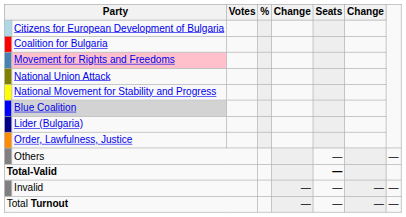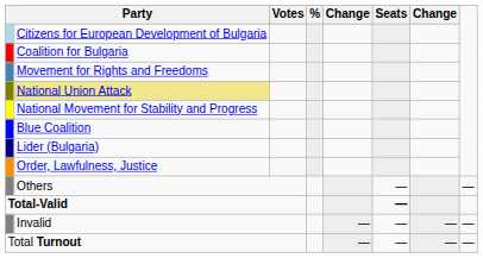 <table class="wikitable" border="1">
 <tr style="background-color:#C9C9C9">
 <th colspan="2" align="left" valign="top">Party</th>
 <th align-right>Votes</th>
 <th align="right">%</th>
 <th align="right">Change</th>
 <th align="right">Seats</th>
 <th align="right">Change</th>
 </tr>
 <tr>
 <td bgcolor="lightblue"> </td>
 <td align="left"><a href='#'>Citizens for European Development of Bulgaria</a></td>
 <td align="right"></td>
 <td align="right" style="background-color:#EEEEEE"></td>
 <td align="right"></td>
 <td align="right" style="background-color:#EEEEEE"></td>
 <td align="right"></td>
 </tr>
 <tr>
 <td bgcolor="red"> </td>
 <td align="left"><a href='#'>Coalition for Bulgaria</a></td>
 <td align="right"></td>
 <td align="right" style="background-color:#EEEEEE"></td>
 <td align="right"></td>
 <td align="right" style="background-color:#EEEEEE"></td>
 <td align="right"></td>
 </tr>
 <tr>
 <td bgcolor="#4682B4"> </td>
-<td align="left" style="background: pink;"><a href='#'>Movement for Rights and Freedoms</a></td>
+<td align="left"><a href='#'>Movement for Rights and Freedoms</a></td>
 <td align="right"></td>
 <td align="right" style="background-color:#EEEEEE"></td>
 <td align="right"></td>
 <td align="right" style="background-color:#EEEEEE"></td>
 <td align="right"></td>
 </tr>
 <tr>
 <td bgcolor="#808000"> </td>
-<td align="left"><a href='#'>National Union Attack</a></td>
+<td align="left" style="background: khaki;"><a href='#'>National Union Attack</a></td>
 <td align="right"></td>
 <td align="right" style="background-color:#EEEEEE"></td>
 <td align="right"></td>
 <td align="right" style="background-color:#EEEEEE"></td>
 <td align="right"></td>
 </tr>
 <tr>
 <td bgcolor="yellow"> </td>
 <td align="left"><a href='#'>National Movement for Stability and Progress</a></td>
 <td align="right"></td>
 <td align="right" style="background-color:#EEEEEE"></td>
 <td align="right"></td>
 <td align="right" style="background-color:#EEEEEE"></td>
 <td align="right"></td>
 </tr>
 <tr>
 <td bgcolor="blue"> </td>
-<td align="left" style="background: lightgrey;"><a href='#'>Blue Coalition</a></td>
+<td align="left"><a href='#'>Blue Coalition</a></td>
 <td align="right"></td>
 <td align="right" style="background-color:#EEEEEE"></td>
 <td align="right"></td>
 <td align="right" style="background-color:#EEEEEE"></td>
 <td align="right"></td>
 </tr>
 <tr>
 <td bgcolor="darkblue"> </td>
 <td align="left"><a href='#'>Lider (Bulgaria)</a></td>
 <td align="right"></td>
 <td align="right" style="background-color:#EEEEEE"></td>
 <td align="right"></td>
 <td align="right" style="background-color:#EEEEEE"></td>
 <td align="right"></td>
 </tr>
 <tr>
 <td bgcolor="darkorange"> </td>
 <td align="left"><a href='#'>Order, Lawfulness, Justice</a></td>
 <td align="right"></td>
 <td align="right" style="background-color:#EEEEEE"></td>
 <td align="right"></td>
 <td align="right" style="background-color:#EEEEEE"></td>
 <td align="right"></td>
 </tr>
 <tr>
 <td bgcolor="grey"> </td>
 <td colspan="2" align="left">Others</td>
 <td align="right"></td>
 <td align="right" style="background-color:#EEEEEE"></td>
 <td align="right">—</td>
 <td align="right" style="background-color:#EEEEEE"></td>
 <td align="right">—</td>
 </tr>
 <tr>
 <td colspan="3" align="left"><strong>Total-Valid</strong></td>
 <td align="right"></td>
 <td align="right" style="background-color:#EEEEEE"></td>
 <td align="right"><strong>—<em></td>
 <td align="right" style="background-color:#EEEEEE"></td>
 <td align="right"></td>
 </tr>
 <tr>
 <td bgcolor="grey"></td>
 <td colspan="2" align="left">Invalid</td>
 <td align="right"></td>
 <td align="right" style="background-color:#EEEEEE">—</td>
 <td align="right">—</td>
 <td align="right" style="background-color:#EEEEEE">—</td>
 <td align="right">—</td>
 </tr>
 <tr>
 <td colspan="3" align="left"></strong>Total<strong>      </em> Turnout<em></td>
 <td align="right"></td>
 <td align="right" style="background-color:#EEEEEE"></strong>—<strong></td>
 <td align="right"></strong>—<strong></td>
 <td align="right" style="background-color:#EEEEEE"></strong>—<strong></td>
 <td align="right"></strong>—<strong></td>
 </tr>
 </table>
